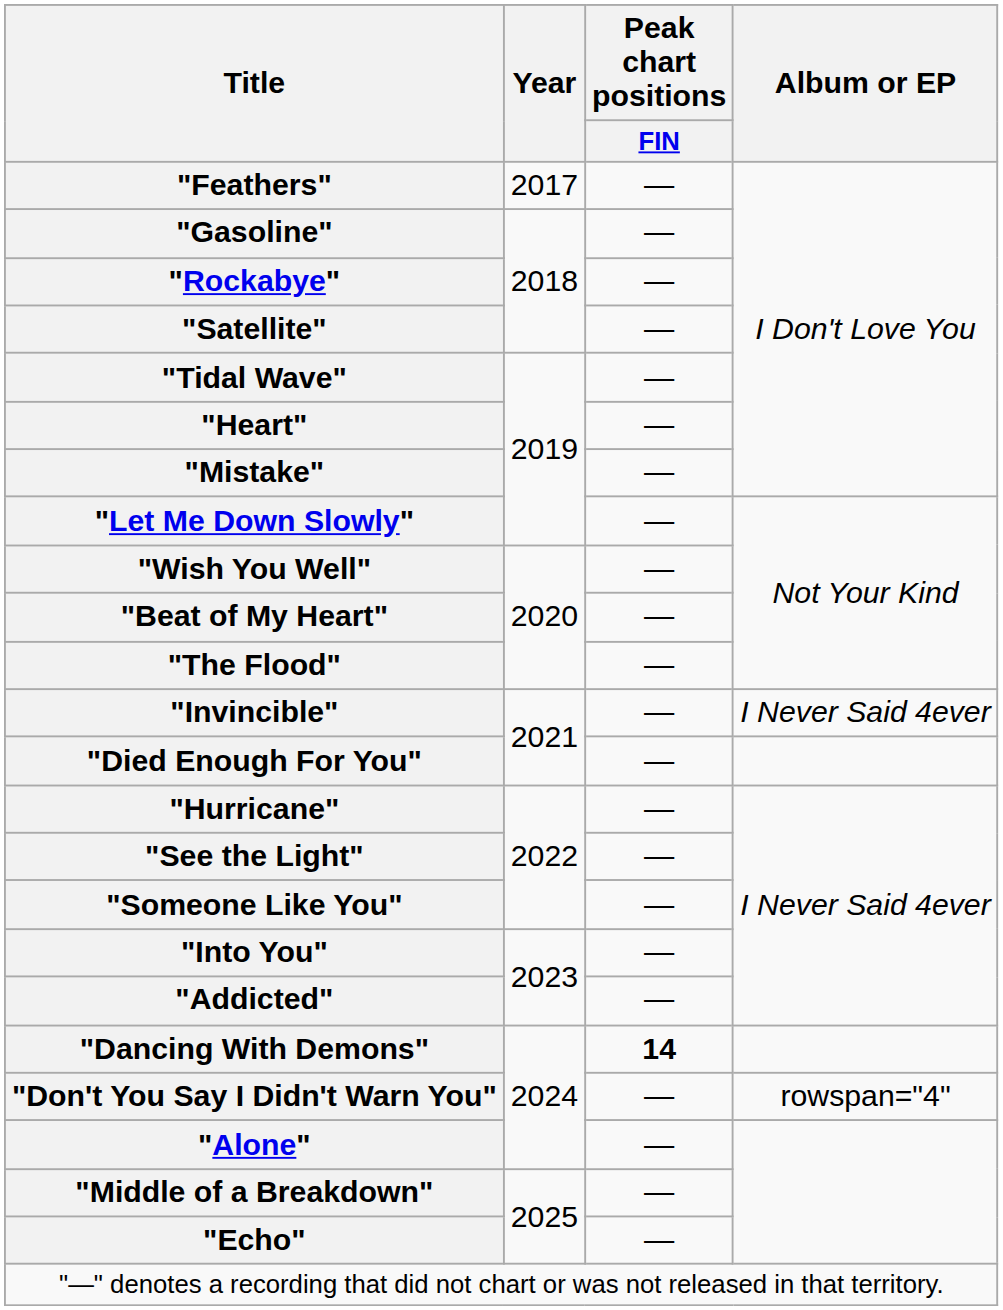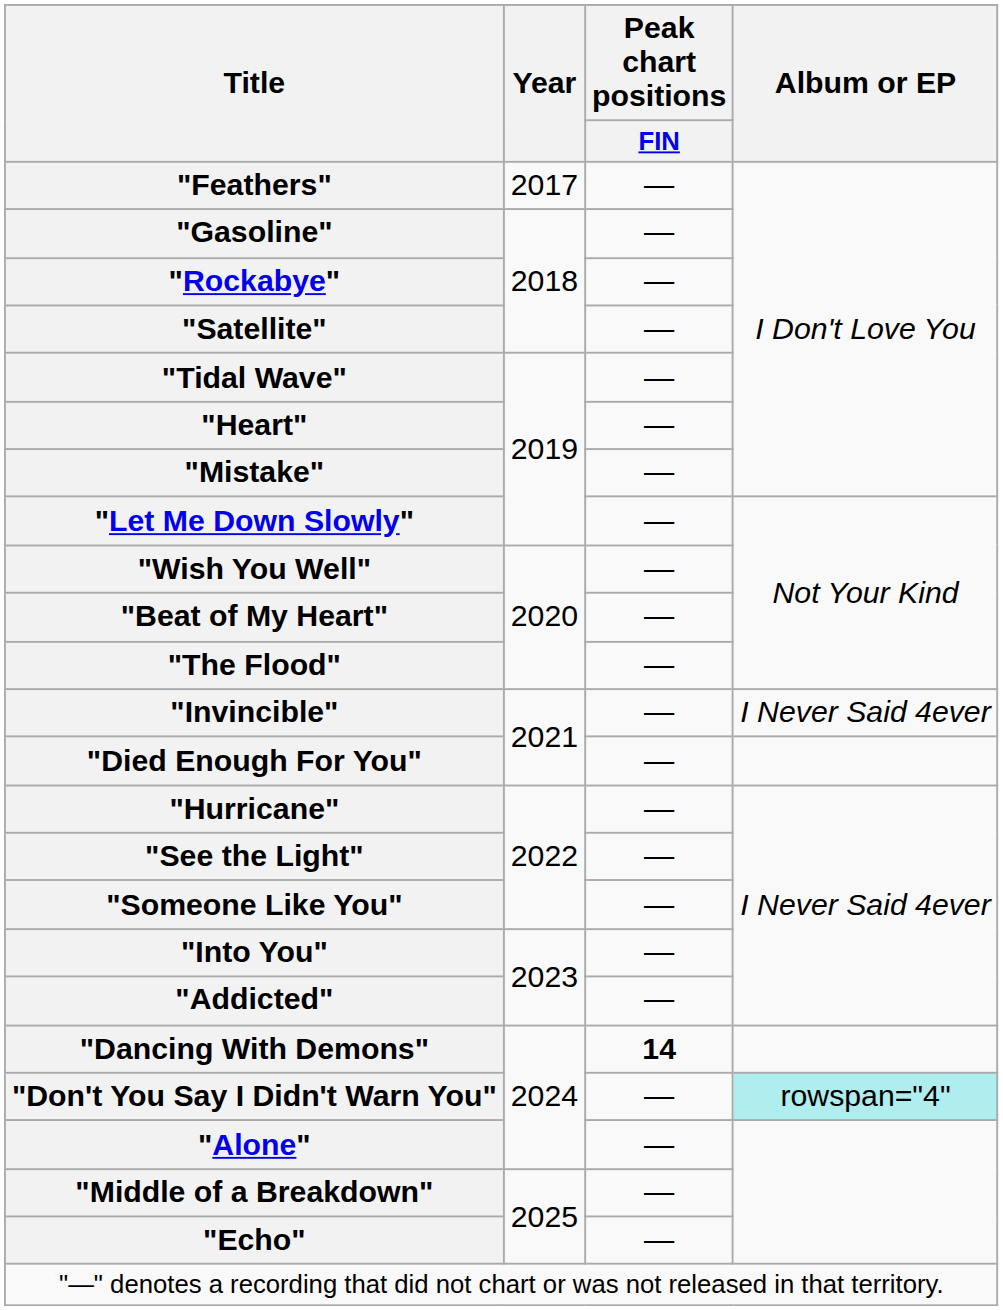 <table class="wikitable plainrowheaders" style="text-align:center;">
 <tr>
 <th scope="col" rowspan="2">Title</th>
 <th scope="col" rowspan="2">Year</th>
 <th scope="col" colspan="1">Peak chart positions</th>
 <th scope="col" rowspan="2">Album or EP</th>
 </tr>
 <tr>
 <th scope="col" style="width:3em;font-size:85%;"><a href='#'>FIN</a><br></th>
 </tr>
 <tr>
 <th scope="row">"Feathers"</th>
 <td>2017</td>
 <td>—</td>
 <td rowspan="7"><em>I Don't Love You</em></td>
 </tr>
 <tr>
 <th scope="row">"Gasoline"</th>
 <td rowspan="3">2018</td>
 <td>—</td>
 </tr>
 <tr>
 <th scope="row">"<a href='#'>Rockabye</a>"</th>
 <td>—</td>
 </tr>
 <tr>
 <th scope="row">"Satellite"</th>
 <td>—</td>
 </tr>
 <tr>
 <th scope="row">"Tidal Wave"</th>
 <td rowspan="4">2019</td>
 <td>—</td>
 </tr>
 <tr>
 <th scope="row">"Heart"</th>
 <td>—</td>
 </tr>
 <tr>
 <th scope="row">"Mistake"</th>
 <td>—</td>
 </tr>
 <tr>
 <th scope="row">"<a href='#'>Let Me Down Slowly</a>"</th>
 <td>—</td>
 <td rowspan="4"><em>Not Your Kind</em></td>
 </tr>
 <tr>
 <th scope="row">"Wish You Well"</th>
 <td rowspan="3">2020</td>
 <td>—</td>
 </tr>
 <tr>
 <th scope="row">"Beat of My Heart"</th>
 <td>—</td>
 </tr>
 <tr>
 <th scope="row">"The Flood"</th>
 <td>—</td>
 </tr>
 <tr>
 <th scope="row">"Invincible"</th>
 <td rowspan="2">2021</td>
 <td>—</td>
 <td><em>I Never Said 4ever</em></td>
 </tr>
 <tr>
 <th scope="row">"Died Enough For You"</th>
 <td>—</td>
 <td></td>
 </tr>
 <tr>
 <th scope="row">"Hurricane"</th>
 <td rowspan="3">2022</td>
 <td>—</td>
 <td rowspan="5"><em>I Never Said 4ever</em></td>
 </tr>
 <tr>
 <th scope="row">"See the Light"</th>
 <td>—</td>
 </tr>
 <tr>
 <th scope="row">"Someone Like You"</th>
 <td>—</td>
 </tr>
 <tr>
 <th scope="row">"Into You"</th>
 <td rowspan="2">2023</td>
 <td>—</td>
 </tr>
 <tr>
 <th scope="row">"Addicted"</th>
 <td>—</td>
 </tr>
 <tr>
 <th scope="row">"Dancing With Demons"</th>
 <td rowspan="3">2024</td>
 <td><strong>14</strong></td>
 <td></td>
 </tr>
 <tr>
 <th scope="row">"Don't You Say I Didn't Warn You"</th>
 <td>—</td>
-<td>rowspan="4" </td>
+<td style="background: paleturquoise;">rowspan="4" </td>
 </tr>
 <tr>
 <th scope="row">"<a href='#'>Alone</a>"</th>
 <td>—</td>
 </tr>
 <tr>
 <th scope="row">"Middle of a Breakdown"</th>
 <td rowspan="2">2025</td>
 <td>—</td>
 </tr>
 <tr>
 <th scope="row">"Echo"</th>
 <td>—</td>
 </tr>
 <tr>
 <td colspan="4" style="font-size:85%">"—" denotes a recording that did not chart or was not released in that territory.</td>
 </tr>
 </table>
